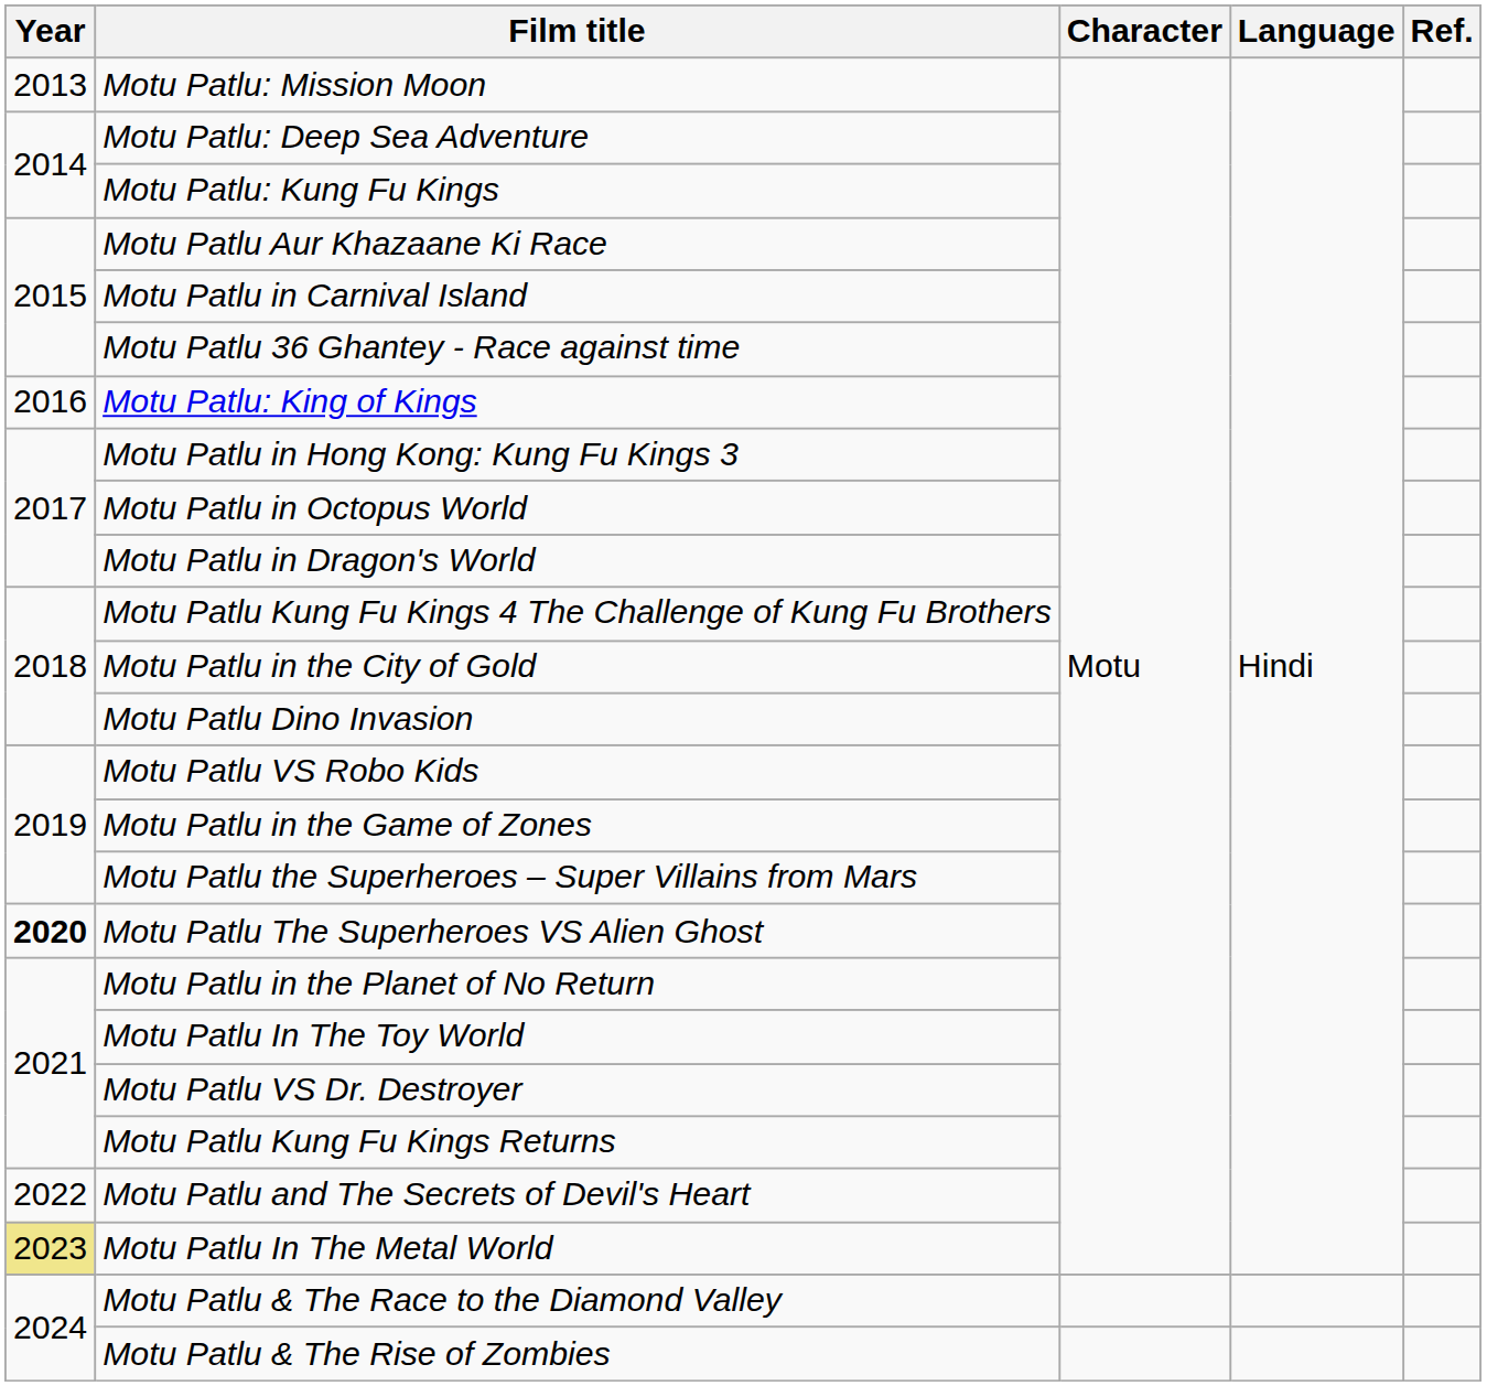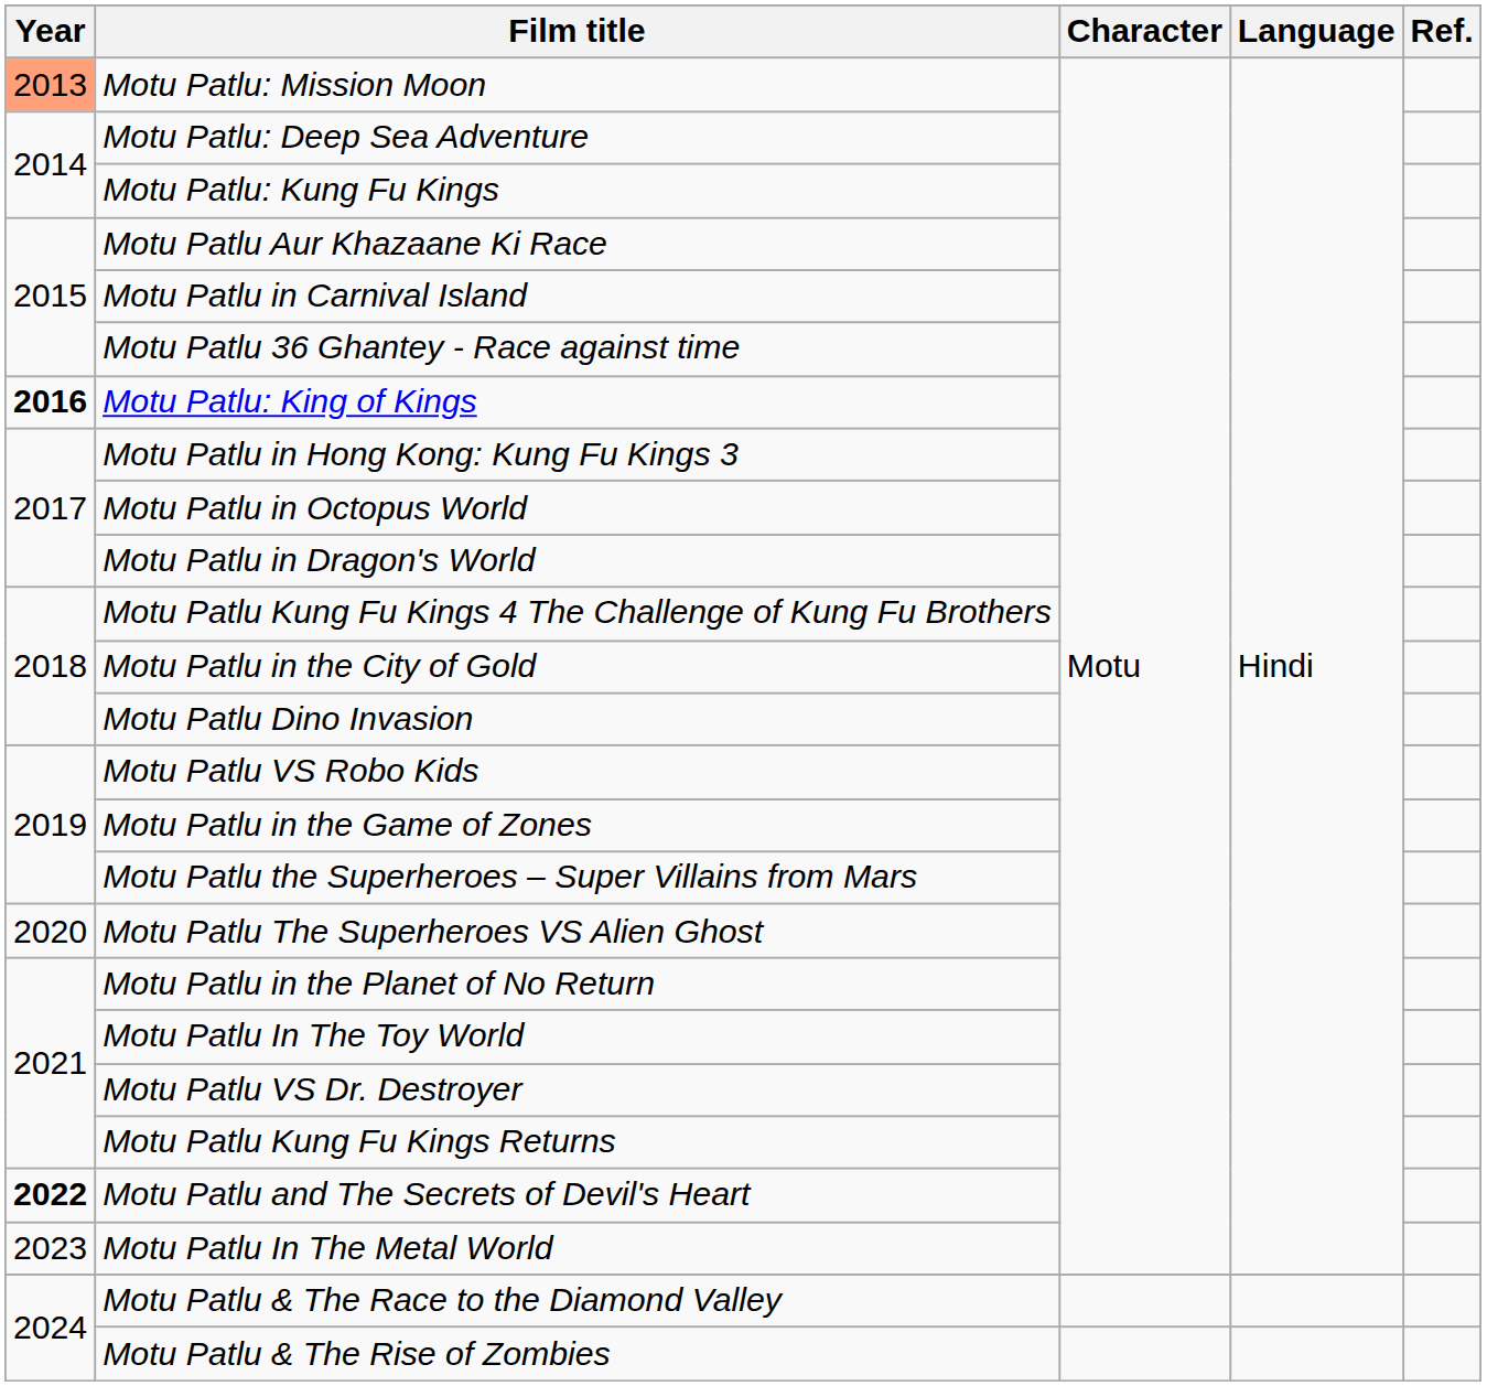 <table class="wikitable">
 <tr>
 <th>Year</th>
 <th>Film title</th>
 <th>Character</th>
 <th>Language</th>
 <th>Ref.</th>
 </tr>
 <tr>
-<td>2013</td>
+<td style="background: lightsalmon;">2013</td>
 <td><em>Motu Patlu: Mission Moon</em></td>
 <td rowspan="23">Motu</td>
 <td rowspan="23">Hindi</td>
 <td></td>
 </tr>
 <tr>
 <td rowspan="2">2014</td>
 <td><em>Motu Patlu: Deep Sea Adventure</em></td>
 <td></td>
 </tr>
 <tr>
 <td><em>Motu Patlu: Kung Fu Kings</em></td>
 <td></td>
 </tr>
 <tr>
 <td rowspan="3">2015</td>
 <td><em>Motu Patlu Aur Khazaane Ki Race</em></td>
 <td></td>
 </tr>
 <tr>
 <td><em>Motu Patlu in Carnival Island</em></td>
 <td></td>
 </tr>
 <tr>
 <td><em>Motu Patlu 36 Ghantey - Race against time</em></td>
 <td></td>
 </tr>
 <tr>
-<td>2016</td>
+<td><strong>2016</strong></td>
 <td><em><a href='#'>Motu Patlu: King of Kings</a></em></td>
 <td></td>
 </tr>
 <tr>
 <td rowspan="3">2017</td>
 <td><em>Motu Patlu in Hong Kong: Kung Fu Kings 3</em></td>
 <td></td>
 </tr>
 <tr>
 <td><em>Motu Patlu in Octopus World</em></td>
 <td></td>
 </tr>
 <tr>
 <td><em>Motu Patlu in Dragon's World</em></td>
 <td></td>
 </tr>
 <tr>
 <td rowspan="3">2018</td>
 <td><em>Motu Patlu Kung Fu Kings 4 The Challenge of Kung Fu Brothers</em></td>
 <td></td>
 </tr>
 <tr>
 <td><em>Motu Patlu in the City of Gold</em></td>
 <td></td>
 </tr>
 <tr>
 <td><em>Motu Patlu Dino Invasion</em></td>
 <td></td>
 </tr>
 <tr>
 <td rowspan="3">2019</td>
 <td><em>Motu Patlu VS Robo Kids</em></td>
 <td></td>
 </tr>
 <tr>
 <td><em>Motu Patlu in the Game of Zones</em></td>
 <td></td>
 </tr>
 <tr>
 <td><em>Motu Patlu the Superheroes – Super Villains from Mars</em></td>
 <td></td>
 </tr>
 <tr>
-<td><strong>2020</strong></td>
+<td>2020</td>
 <td><em>Motu Patlu The Superheroes VS Alien Ghost</em></td>
 <td></td>
 </tr>
 <tr>
 <td rowspan="4">2021</td>
 <td><em>Motu Patlu in the Planet of No Return</em></td>
 <td></td>
 </tr>
 <tr>
 <td><em>Motu Patlu In The Toy World</em></td>
 <td></td>
 </tr>
 <tr>
 <td><em>Motu Patlu VS Dr. Destroyer</em></td>
 <td></td>
 </tr>
 <tr>
 <td><em>Motu Patlu Kung Fu Kings Returns</em></td>
 <td></td>
 </tr>
 <tr>
-<td>2022</td>
+<td><strong>2022</strong></td>
 <td><em>Motu Patlu and The Secrets of Devil's Heart</em></td>
 <td></td>
 </tr>
 <tr>
-<td style="background: khaki;">2023</td>
+<td>2023</td>
 <td><em>Motu Patlu In The Metal World</em></td>
 <td></td>
 </tr>
 <tr>
 <td rowspan="2">2024</td>
 <td><em>Motu Patlu & The Race to the Diamond Valley</em></td>
 <td></td>
 <td></td>
 <td></td>
 </tr>
 <tr>
 <td><em>Motu Patlu & The Rise of Zombies</em></td>
 <td></td>
 <td></td>
 <td></td>
 </tr>
 </table>
